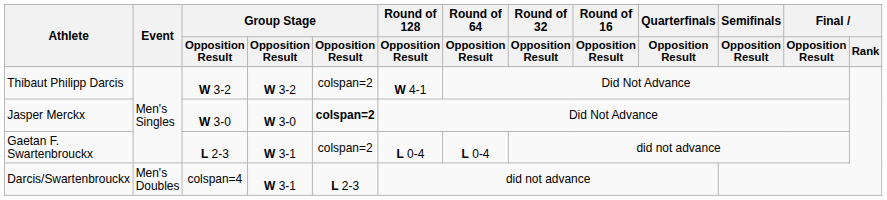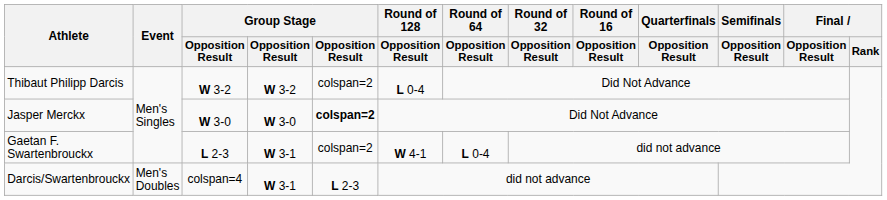 <table class="wikitable" style="font-size:90%">
 <tr>
 <th rowspan=2>Athlete</th>
 <th rowspan=2>Event</th>
 <th colspan=3>Group Stage</th>
 <th>Round of 128</th>
 <th>Round of 64</th>
 <th>Round of 32</th>
 <th>Round of 16</th>
 <th>Quarterfinals</th>
 <th>Semifinals</th>
 <th colspan=2>Final / </th>
 </tr>
 <tr style="font-size:95%">
 <th>Opposition<br>Result</th>
 <th>Opposition<br>Result</th>
 <th>Opposition<br>Result</th>
 <th>Opposition<br>Result</th>
 <th>Opposition<br>Result</th>
 <th>Opposition<br>Result</th>
 <th>Opposition<br>Result</th>
 <th>Opposition<br>Result</th>
 <th>Opposition<br>Result</th>
 <th>Opposition<br>Result</th>
 <th>Rank</th>
 </tr>
 <tr align=center>
 <td align=left>Thibaut Philipp Darcis</td>
 <td align=left rowspan=3>Men's Singles</td>
 <td><br><strong>W</strong> 3-2</td>
 <td><br><strong>W</strong> 3-2</td>
 <td>colspan=2 </td>
-<td><br><strong>W</strong> 4-1</td>
+<td><br><strong>L</strong> 0-4</td>
 <td colspan=6>Did Not Advance</td>
 </tr>
 <tr align=center>
 <td align=left>Jasper Merckx</td>
 <td><br><strong>W</strong> 3-0</td>
 <td><br><strong>W</strong> 3-0</td>
 <td><strong>colspan=2 </strong></td>
 <td colspan=7>Did Not Advance</td>
 </tr>
 <tr align=center>
 <td align=left>Gaetan F. Swartenbrouckx</td>
 <td><br><strong>L</strong> 2-3</td>
 <td><br><strong>W</strong> 3-1</td>
 <td>colspan=2 </td>
-<td><br><strong>L</strong> 0-4</td>
+<td><br><strong>W</strong> 4-1</td>
 <td><br><strong>L</strong> 0-4</td>
 <td colspan=5>did not advance</td>
 </tr>
 <tr align=center>
 <td align=left>Darcis/Swartenbrouckx</td>
 <td align=left>Men's Doubles</td>
 <td>colspan=4 </td>
 <td><br><strong>W</strong> 3-1</td>
 <td><br><strong>L</strong> 2-3</td>
 <td colspan=5>did not advance</td>
 </tr>
 </table>
